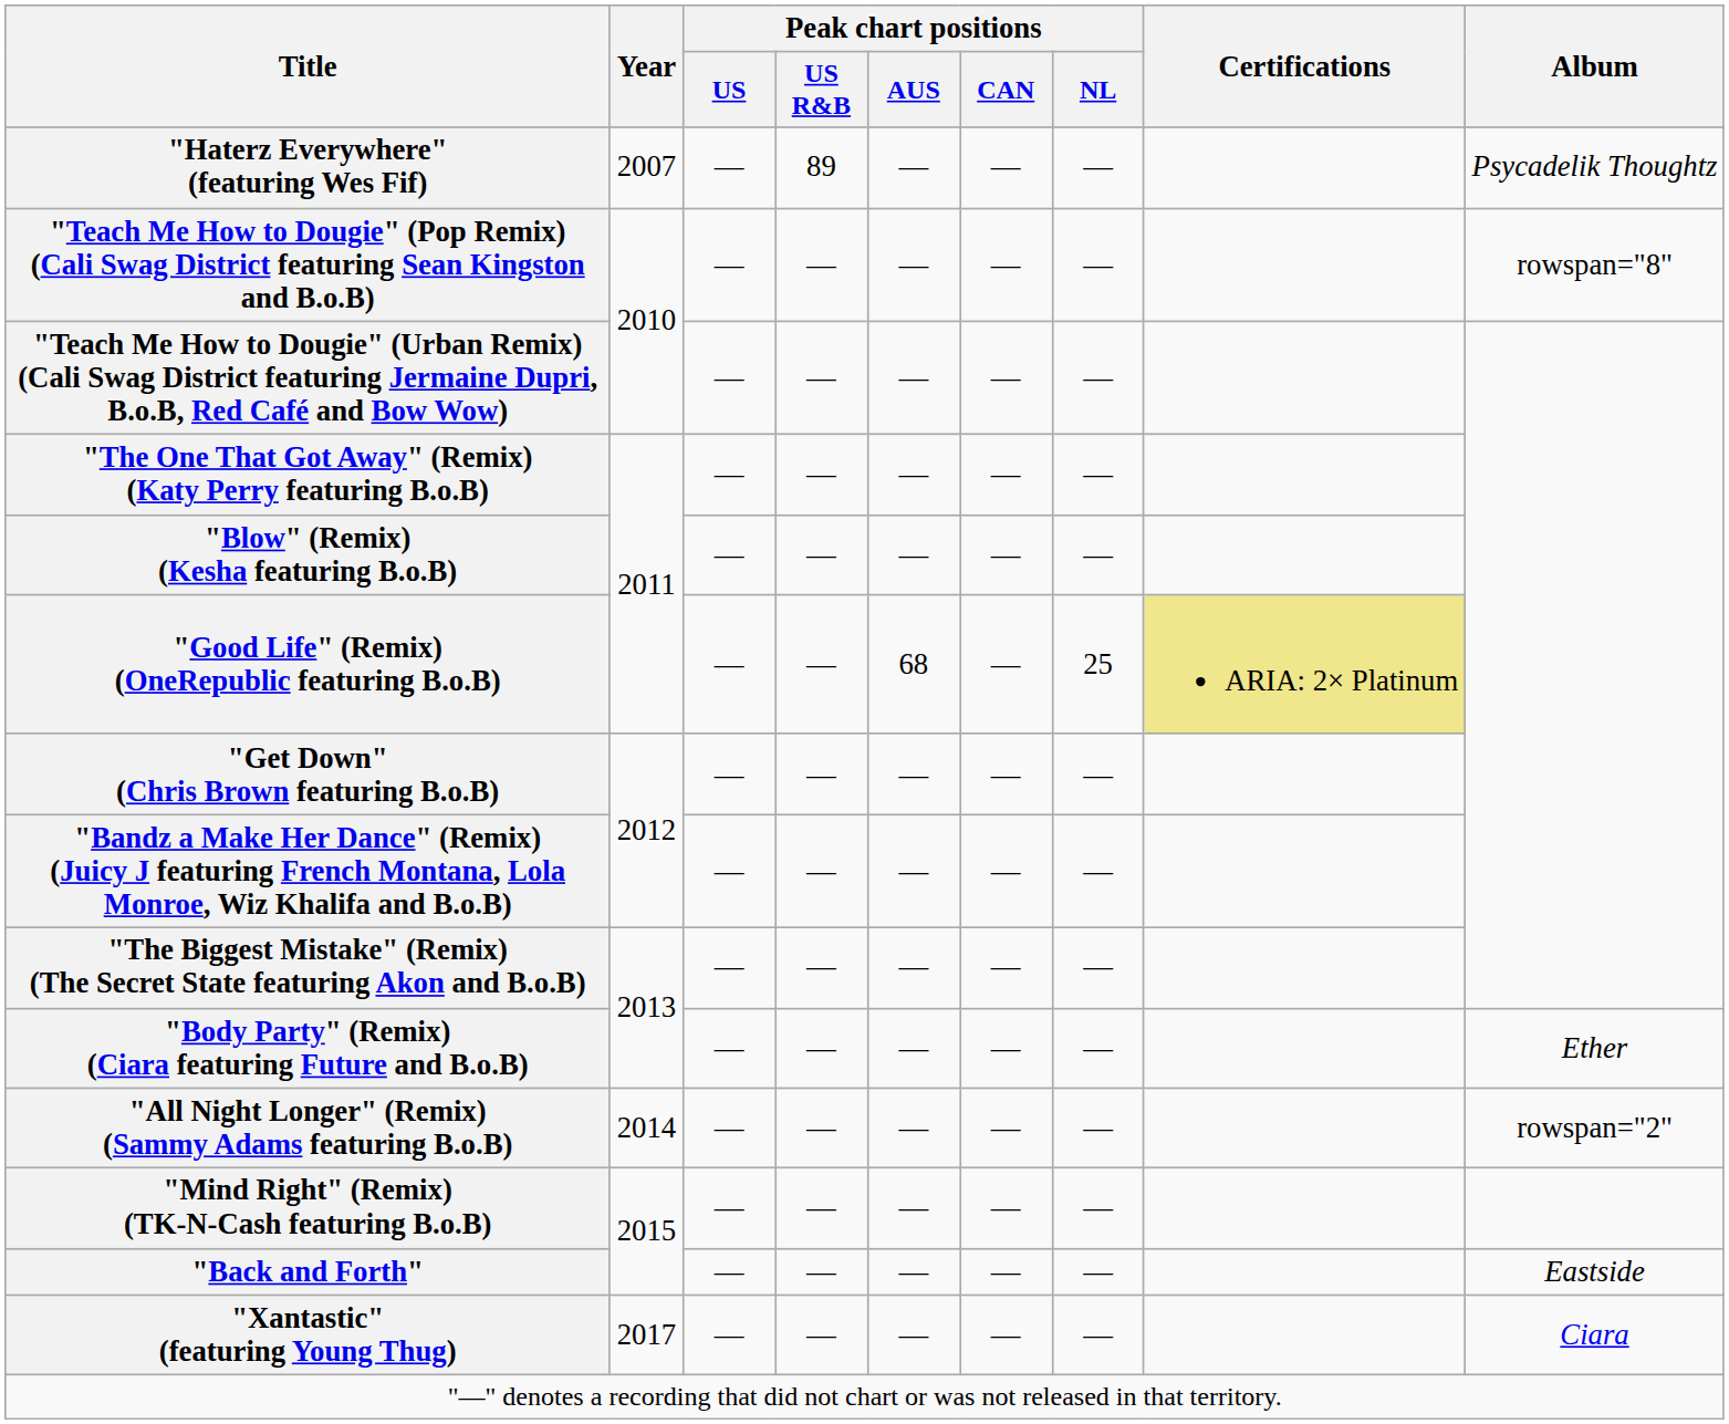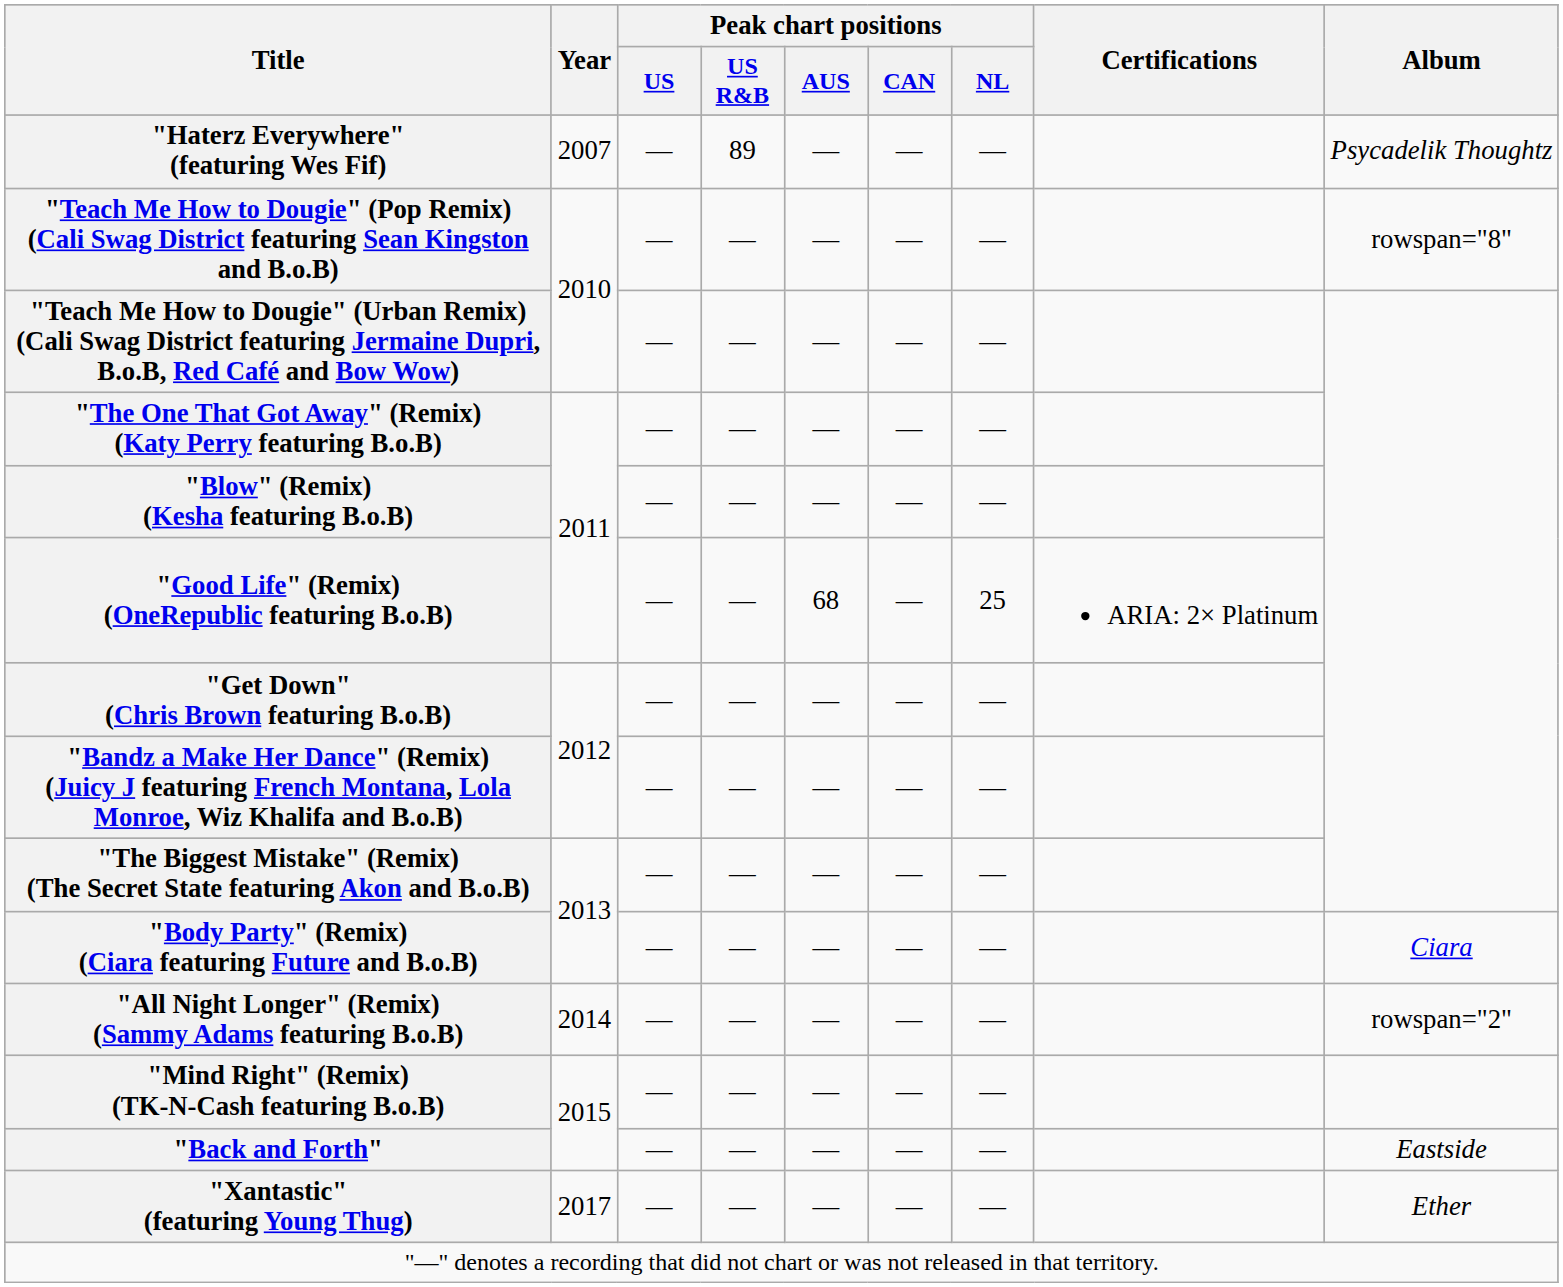 <table class="wikitable plainrowheaders" style="text-align:center;">
 <tr>
 <th scope="col" rowspan="2" style="width:20em;">Title</th>
 <th scope="col" rowspan="2">Year</th>
 <th scope="col" colspan="5">Peak chart positions</th>
 <th scope="col" rowspan="2">Certifications</th>
 <th scope="col" rowspan="2">Album</th>
 </tr>
 <tr>
 <th scope="col" style="width:3em;font-size:90%;"><a href='#'>US</a><br></th>
 <th scope="col" style="width:3em;font-size:90%;"><a href='#'>US R&B</a><br></th>
 <th scope="col" style="width:3em;font-size:90%;"><a href='#'>AUS</a><br></th>
 <th scope="col" style="width:3em;font-size:90%;"><a href='#'>CAN</a><br></th>
 <th scope="col" style="width:3em;font-size:90%;"><a href='#'>NL</a><br></th>
 </tr>
 <tr>
 <th scope="row">"Haterz Everywhere"<br><span>(featuring Wes Fif)</span></th>
 <td>2007</td>
 <td>—</td>
 <td>89</td>
 <td>—</td>
 <td>—</td>
 <td>—</td>
 <td></td>
 <td><em>Psycadelik Thoughtz</em></td>
 </tr>
 <tr>
 <th scope="row">"<a href='#'>Teach Me How to Dougie</a>" (Pop Remix)<br><span>(<a href='#'>Cali Swag District</a> featuring <a href='#'>Sean Kingston</a> and B.o.B)</span></th>
 <td rowspan="2">2010</td>
 <td>—</td>
 <td>—</td>
 <td>—</td>
 <td>—</td>
 <td>—</td>
 <td></td>
 <td>rowspan="8" </td>
 </tr>
 <tr>
 <th scope="row">"Teach Me How to Dougie" (Urban Remix)<br><span>(Cali Swag District featuring <a href='#'>Jermaine Dupri</a>, B.o.B, <a href='#'>Red Café</a> and <a href='#'>Bow Wow</a>)</span></th>
 <td>—</td>
 <td>—</td>
 <td>—</td>
 <td>—</td>
 <td>—</td>
 <td></td>
 </tr>
 <tr>
 <th scope="row">"<a href='#'>The One That Got Away</a>" (Remix)<br><span>(<a href='#'>Katy Perry</a> featuring B.o.B)</span></th>
 <td rowspan="3">2011</td>
 <td>—</td>
 <td>—</td>
 <td>—</td>
 <td>—</td>
 <td>—</td>
 <td></td>
 </tr>
 <tr>
 <th scope="row">"<a href='#'>Blow</a>" (Remix)<br><span>(<a href='#'>Kesha</a> featuring B.o.B)</span></th>
 <td>—</td>
 <td>—</td>
 <td>—</td>
 <td>—</td>
 <td>—</td>
 <td></td>
 </tr>
 <tr>
 <th scope="row">"<a href='#'>Good Life</a>" (Remix)<br><span>(<a href='#'>OneRepublic</a> featuring B.o.B)</span></th>
 <td>—</td>
 <td>—</td>
 <td>68</td>
 <td>—</td>
 <td>25</td>
-<td style="background: khaki;"><br><ul><li>ARIA: 2× Platinum</li></ul></td>
+<td><br><ul><li>ARIA: 2× Platinum</li></ul></td>
 </tr>
 <tr>
 <th scope="row">"Get Down"<br><span>(<a href='#'>Chris Brown</a> featuring B.o.B)</span></th>
 <td rowspan="2">2012</td>
 <td>—</td>
 <td>—</td>
 <td>—</td>
 <td>—</td>
 <td>—</td>
 <td></td>
 </tr>
 <tr>
 <th scope="row">"<a href='#'>Bandz a Make Her Dance</a>" (Remix)<br><span>(<a href='#'>Juicy J</a> featuring <a href='#'>French Montana</a>, <a href='#'>Lola Monroe</a>, Wiz Khalifa and B.o.B)</span></th>
 <td>—</td>
 <td>—</td>
 <td>—</td>
 <td>—</td>
 <td>—</td>
 <td></td>
 </tr>
 <tr>
 <th scope="row">"The Biggest Mistake" (Remix)<br><span>(The Secret State featuring <a href='#'>Akon</a> and B.o.B)</span></th>
 <td rowspan="2">2013</td>
 <td>—</td>
 <td>—</td>
 <td>—</td>
 <td>—</td>
 <td>—</td>
 <td></td>
 </tr>
 <tr>
 <th scope="row">"<a href='#'>Body Party</a>" (Remix)<br><span>(<a href='#'>Ciara</a> featuring <a href='#'>Future</a> and B.o.B)</span></th>
 <td>—</td>
 <td>—</td>
 <td>—</td>
 <td>—</td>
 <td>—</td>
 <td></td>
-<td><em>Ether</em></td>
+<td><em><a href='#'>Ciara</a></em></td>
 </tr>
 <tr>
 <th scope="row">"All Night Longer" (Remix)<br><span>(<a href='#'>Sammy Adams</a> featuring B.o.B)</span></th>
 <td>2014</td>
 <td>—</td>
 <td>—</td>
 <td>—</td>
 <td>—</td>
 <td>—</td>
 <td></td>
 <td>rowspan="2" </td>
 </tr>
 <tr>
 <th scope="row">"Mind Right" (Remix)<br><span>(TK-N-Cash featuring B.o.B)</span></th>
 <td rowspan="2">2015</td>
 <td>—</td>
 <td>—</td>
 <td>—</td>
 <td>—</td>
 <td>—</td>
 <td></td>
 </tr>
 <tr>
 <th scope="row">"<a href='#'>Back and Forth</a>"</th>
 <td>—</td>
 <td>—</td>
 <td>—</td>
 <td>—</td>
 <td>—</td>
 <td></td>
 <td><em>Eastside</em></td>
 </tr>
 <tr>
 <th scope="row">"Xantastic"<br><span>(featuring <a href='#'>Young Thug</a>)</span></th>
 <td>2017</td>
 <td>—</td>
 <td>—</td>
 <td>—</td>
 <td>—</td>
 <td>—</td>
 <td></td>
-<td><em><a href='#'>Ciara</a></em></td>
+<td><em>Ether</em></td>
 </tr>
 <tr>
 <td colspan="14" style="font-size:90%">"—" denotes a recording that did not chart or was not released in that territory.</td>
 </tr>
 </table>
